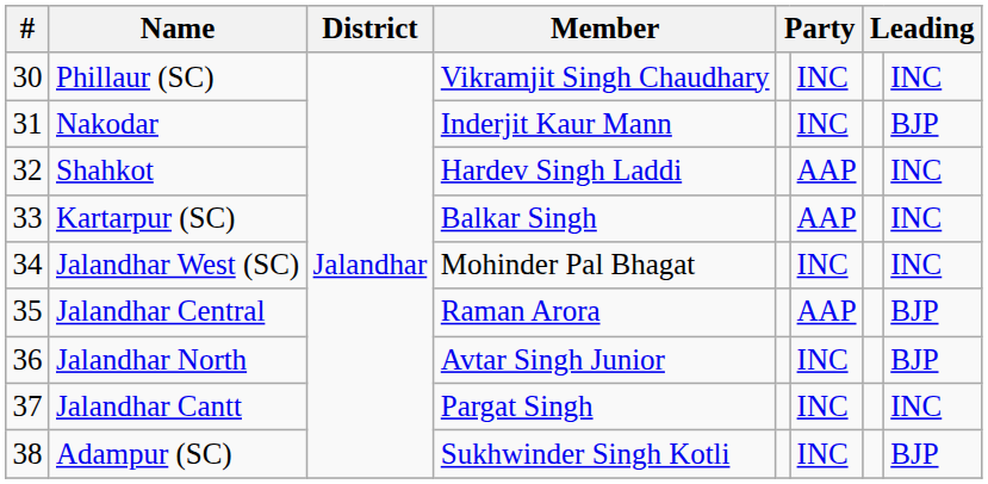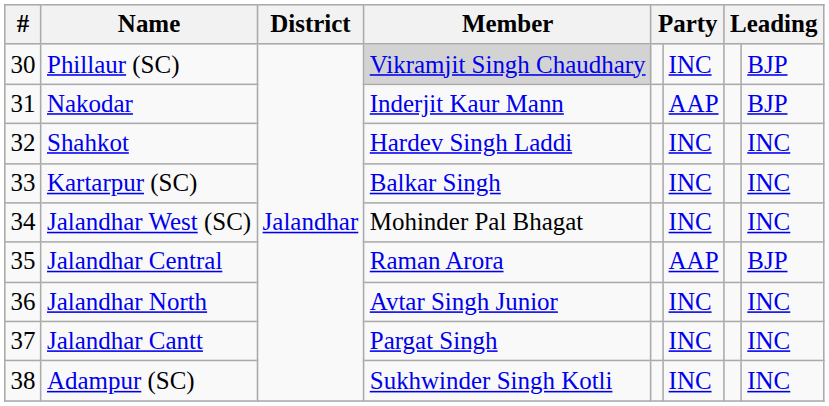 <table class="wikitable">
 <tr>
 <th>#</th>
 <th>Name</th>
 <th>District</th>
 <th>Member</th>
 <th colspan="2">Party</th>
 <th colspan="2">Leading<br></th>
 </tr>
 <tr>
 <td>30</td>
 <td><a href='#'>Phillaur</a> (SC)</td>
 <td rowspan="9"><a href='#'>Jalandhar</a></td>
-<td><a href='#'>Vikramjit Singh Chaudhary</a></td>
+<td style="background: lightgrey;"><a href='#'>Vikramjit Singh Chaudhary</a></td>
 <td style="background-color: "></td>
 <td><a href='#'>INC</a></td>
 <td style="background-color:"></td>
-<td><a href='#'>INC</a></td>
+<td><a href='#'>BJP</a></td>
 </tr>
 <tr>
 <td>31</td>
 <td><a href='#'>Nakodar</a></td>
 <td><a href='#'>Inderjit Kaur Mann</a></td>
 <td style="background-color: "></td>
-<td><a href='#'>INC</a></td>
+<td><a href='#'>AAP</a></td>
 <td style="background-color:"></td>
 <td><a href='#'>BJP</a></td>
 </tr>
 <tr>
 <td>32</td>
 <td><a href='#'>Shahkot</a></td>
 <td><a href='#'>Hardev Singh Laddi</a></td>
 <td style="background-color: "></td>
-<td><a href='#'>AAP</a></td>
+<td><a href='#'>INC</a></td>
 <td style="background-color:"></td>
 <td><a href='#'>INC</a></td>
 </tr>
 <tr>
 <td>33</td>
 <td><a href='#'>Kartarpur</a> (SC)</td>
 <td><a href='#'>Balkar Singh</a></td>
 <td style="background-color: "></td>
-<td><a href='#'>AAP</a></td>
+<td><a href='#'>INC</a></td>
 <td style="background-color:"></td>
 <td><a href='#'>INC</a></td>
 </tr>
 <tr>
 <td>34</td>
 <td><a href='#'>Jalandhar West</a> (SC)</td>
 <td>Mohinder Pal Bhagat</td>
 <td style="background-color: "></td>
 <td><a href='#'>INC</a></td>
 <td style="background-color:"></td>
 <td><a href='#'>INC</a></td>
 </tr>
 <tr>
 <td>35</td>
 <td><a href='#'>Jalandhar Central</a></td>
 <td><a href='#'>Raman Arora</a></td>
 <td style="background-color: "></td>
 <td><a href='#'>AAP</a></td>
 <td style="background-color:"></td>
 <td><a href='#'>BJP</a></td>
 </tr>
 <tr>
 <td>36</td>
 <td><a href='#'>Jalandhar North</a></td>
 <td><a href='#'>Avtar Singh Junior</a></td>
 <td style="background-color: "></td>
 <td><a href='#'>INC</a></td>
 <td style="background-color:"></td>
-<td><a href='#'>BJP</a></td>
+<td><a href='#'>INC</a></td>
 </tr>
 <tr>
 <td>37</td>
 <td><a href='#'>Jalandhar Cantt</a></td>
 <td><a href='#'>Pargat Singh</a></td>
 <td style="background-color: "></td>
 <td><a href='#'>INC</a></td>
 <td style="background-color:"></td>
 <td><a href='#'>INC</a></td>
 </tr>
 <tr>
 <td>38</td>
 <td><a href='#'>Adampur</a> (SC)</td>
 <td><a href='#'>Sukhwinder Singh Kotli</a></td>
 <td style="background-color: "></td>
 <td><a href='#'>INC</a></td>
 <td style="background-color:"></td>
-<td><a href='#'>BJP</a></td>
+<td><a href='#'>INC</a></td>
 </tr>
 </table>
